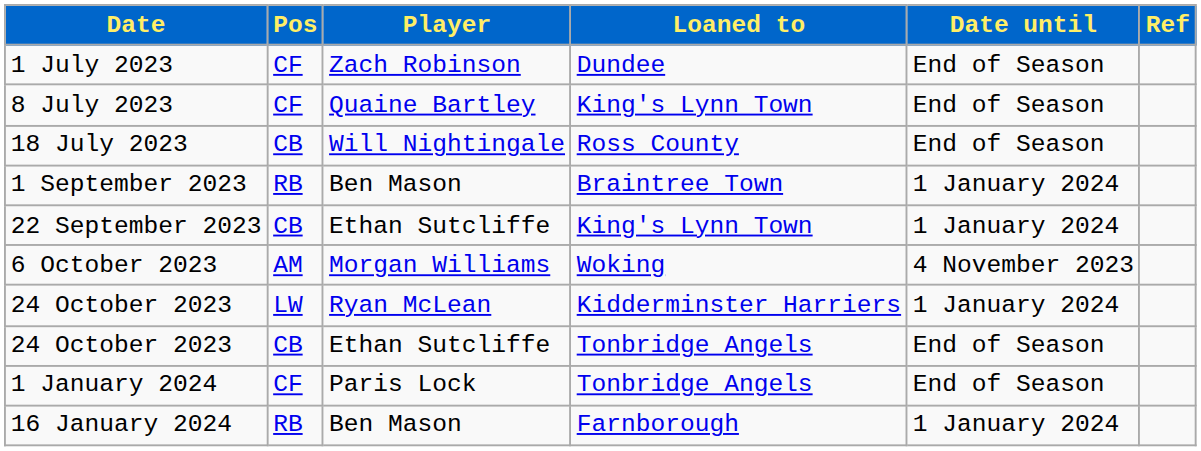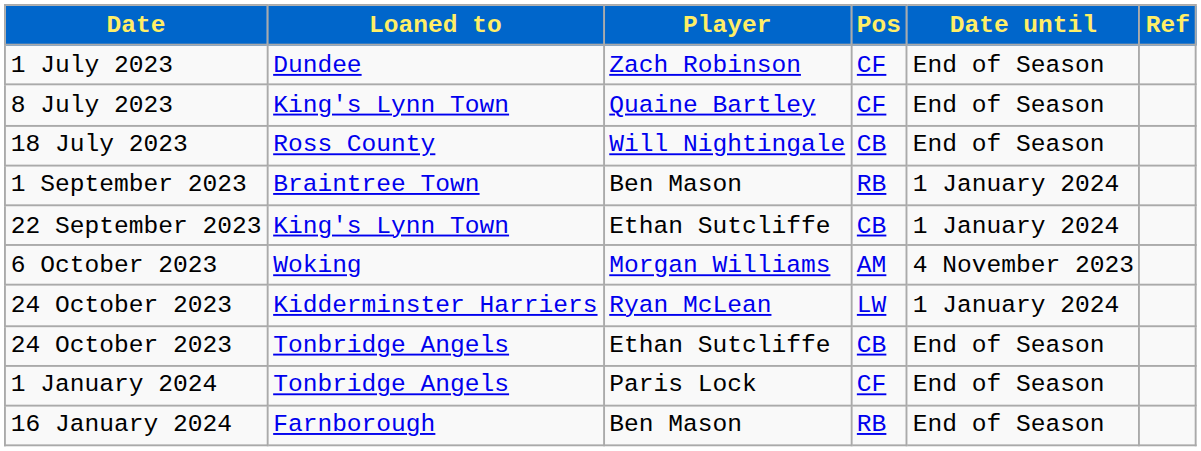 <table class="wikitable plainrowheaders sortable">
 <tr>
 <th style="background:#0066cb; color:#fe6; ">Date</th>
+<th style="background:#0066cb; color:#fe6; ">Loaned to</th>
+<th style="background:#0066cb; color:#fe6; ">Player</th>
 <th style="background:#0066cb; color:#fe6; ">Pos</th>
-<th style="background:#0066cb; color:#fe6; ">Player</th>
-<th style="background:#0066cb; color:#fe6; ">Loaned to</th>
 <th style="background:#0066cb; color:#fe6; ">Date until</th>
 <th style="background:#0066cb; color:#fe6; ">Ref</th>
 </tr>
 <tr>
 <td>1 July 2023</td>
+<td> <a href='#'>Dundee</a></td>
+<td> <a href='#'>Zach Robinson</a></td>
 <td><a href='#'>CF</a></td>
-<td> <a href='#'>Zach Robinson</a></td>
-<td> <a href='#'>Dundee</a></td>
 <td>End of Season</td>
 <td></td>
 </tr>
 <tr>
 <td>8 July 2023</td>
+<td> <a href='#'>King's Lynn Town</a></td>
+<td> <a href='#'>Quaine Bartley</a></td>
 <td><a href='#'>CF</a></td>
-<td> <a href='#'>Quaine Bartley</a></td>
-<td> <a href='#'>King's Lynn Town</a></td>
 <td>End of Season</td>
 <td></td>
 </tr>
 <tr>
 <td>18 July 2023</td>
+<td> <a href='#'>Ross County</a></td>
+<td> <a href='#'>Will Nightingale</a></td>
 <td><a href='#'>CB</a></td>
-<td> <a href='#'>Will Nightingale</a></td>
-<td> <a href='#'>Ross County</a></td>
 <td>End of Season</td>
 <td></td>
 </tr>
 <tr>
 <td>1 September 2023</td>
+<td> <a href='#'>Braintree Town</a></td>
+<td> Ben Mason</td>
 <td><a href='#'>RB</a></td>
-<td> Ben Mason</td>
-<td> <a href='#'>Braintree Town</a></td>
 <td>1 January 2024</td>
 <td></td>
 </tr>
 <tr>
 <td>22 September 2023</td>
+<td> <a href='#'>King's Lynn Town</a></td>
+<td> Ethan Sutcliffe</td>
 <td><a href='#'>CB</a></td>
-<td> Ethan Sutcliffe</td>
-<td> <a href='#'>King's Lynn Town</a></td>
 <td>1 January 2024</td>
 <td></td>
 </tr>
 <tr>
 <td>6 October 2023</td>
+<td> <a href='#'>Woking</a></td>
+<td> <a href='#'>Morgan Williams</a></td>
 <td><a href='#'>AM</a></td>
-<td> <a href='#'>Morgan Williams</a></td>
-<td> <a href='#'>Woking</a></td>
 <td>4 November 2023</td>
 <td></td>
 </tr>
 <tr>
 <td>24 October 2023</td>
+<td> <a href='#'>Kidderminster Harriers</a></td>
+<td> <a href='#'>Ryan McLean</a></td>
 <td><a href='#'>LW</a></td>
-<td> <a href='#'>Ryan McLean</a></td>
-<td> <a href='#'>Kidderminster Harriers</a></td>
 <td>1 January 2024</td>
 <td></td>
 </tr>
 <tr>
 <td>24 October 2023</td>
+<td> <a href='#'>Tonbridge Angels</a></td>
+<td> Ethan Sutcliffe</td>
 <td><a href='#'>CB</a></td>
-<td> Ethan Sutcliffe</td>
-<td> <a href='#'>Tonbridge Angels</a></td>
 <td>End of Season</td>
 <td></td>
 </tr>
 <tr>
 <td>1 January 2024</td>
+<td> <a href='#'>Tonbridge Angels</a></td>
+<td> Paris Lock</td>
 <td><a href='#'>CF</a></td>
-<td> Paris Lock</td>
-<td> <a href='#'>Tonbridge Angels</a></td>
 <td>End of Season</td>
 <td></td>
 </tr>
 <tr>
 <td>16 January 2024</td>
+<td> <a href='#'>Farnborough</a></td>
+<td> Ben Mason</td>
 <td><a href='#'>RB</a></td>
-<td> Ben Mason</td>
-<td> <a href='#'>Farnborough</a></td>
-<td>1 January 2024</td>
+<td>End of Season</td>
 <td></td>
 </tr>
 </table>
